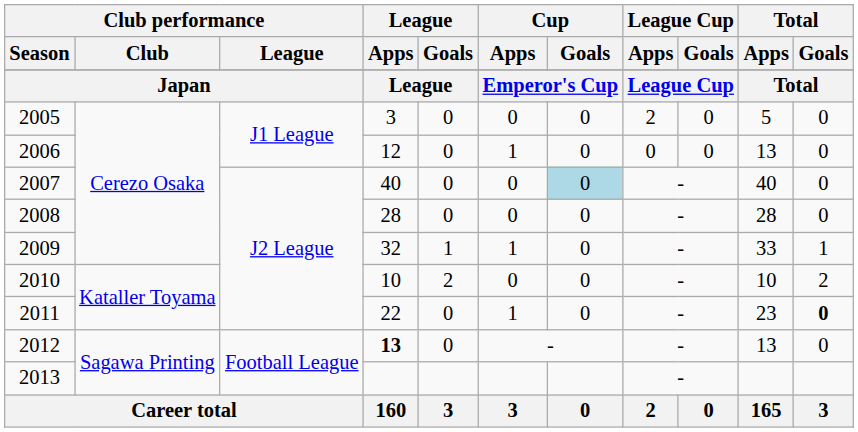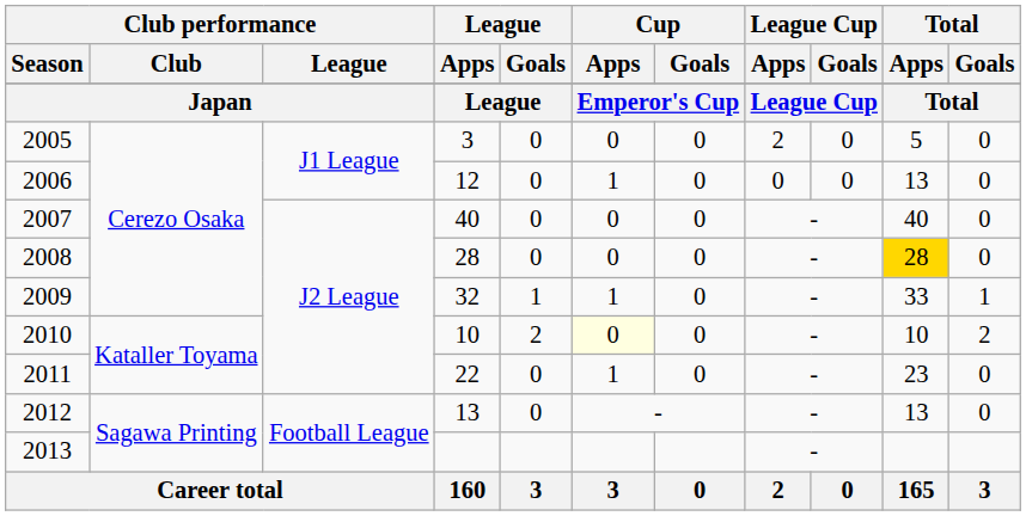 <table class="wikitable" style="text-align:center">
 <tr>
 <th colspan=3>Club performance</th>
 <th colspan=2>League</th>
 <th colspan=2>Cup</th>
 <th colspan=2>League Cup</th>
 <th colspan=2>Total</th>
 </tr>
 <tr>
 <th>Season</th>
 <th>Club</th>
 <th>League</th>
 <th>Apps</th>
 <th>Goals</th>
 <th>Apps</th>
 <th>Goals</th>
 <th>Apps</th>
 <th>Goals</th>
 <th>Apps</th>
 <th>Goals</th>
 </tr>
 <tr>
 </tr>
 <tr>
 <th colspan=3>Japan</th>
 <th colspan=2>League</th>
 <th colspan=2><a href='#'>Emperor's Cup</a></th>
 <th colspan=2><a href='#'>League Cup</a></th>
 <th colspan=2>Total</th>
 </tr>
 <tr>
 <td>2005</td>
 <td rowspan="5"><a href='#'>Cerezo Osaka</a></td>
 <td rowspan="2"><a href='#'>J1 League</a></td>
 <td>3</td>
 <td>0</td>
 <td>0</td>
 <td>0</td>
 <td>2</td>
 <td>0</td>
 <td>5</td>
 <td>0</td>
 </tr>
 <tr>
 <td>2006</td>
 <td>12</td>
 <td>0</td>
 <td>1</td>
 <td>0</td>
 <td>0</td>
 <td>0</td>
 <td>13</td>
 <td>0</td>
 </tr>
 <tr>
 <td>2007</td>
 <td rowspan="5"><a href='#'>J2 League</a></td>
 <td>40</td>
 <td>0</td>
 <td>0</td>
-<td style="background: lightblue;">0</td>
+<td>0</td>
 <td colspan="2">-</td>
 <td>40</td>
 <td>0</td>
 </tr>
 <tr>
 <td>2008</td>
 <td>28</td>
 <td>0</td>
 <td>0</td>
 <td>0</td>
 <td colspan="2">-</td>
-<td>28</td>
+<td style="background: gold;">28</td>
 <td>0</td>
 </tr>
 <tr>
 <td>2009</td>
 <td>32</td>
 <td>1</td>
 <td>1</td>
 <td>0</td>
 <td colspan="2">-</td>
 <td>33</td>
 <td>1</td>
 </tr>
 <tr>
 <td>2010</td>
 <td rowspan="2"><a href='#'>Kataller Toyama</a></td>
 <td>10</td>
 <td>2</td>
-<td>0</td>
+<td style="background: lightyellow;">0</td>
 <td>0</td>
 <td colspan="2">-</td>
 <td>10</td>
 <td>2</td>
 </tr>
 <tr>
 <td>2011</td>
 <td>22</td>
 <td>0</td>
 <td>1</td>
 <td>0</td>
 <td colspan="2">-</td>
 <td>23</td>
-<td><strong>0</strong></td>
+<td>0</td>
 </tr>
 <tr>
 <td>2012</td>
 <td rowspan="2"><a href='#'>Sagawa Printing</a></td>
 <td rowspan="2"><a href='#'>Football League</a></td>
-<td><strong>13</strong></td>
+<td>13</td>
 <td>0</td>
 <td colspan="2">-</td>
 <td colspan="2">-</td>
 <td>13</td>
 <td>0</td>
 </tr>
 <tr>
 <td>2013</td>
 <td></td>
 <td></td>
 <td></td>
 <td></td>
 <td colspan="2">-</td>
 <td></td>
 <td></td>
 </tr>
 <tr>
 <th colspan=3>Career total</th>
 <th>160</th>
 <th>3</th>
 <th>3</th>
 <th>0</th>
 <th>2</th>
 <th>0</th>
 <th>165</th>
 <th>3</th>
 </tr>
 </table>
